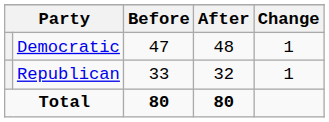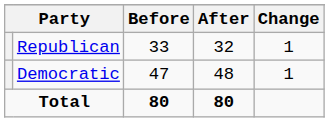 <table class="wikitable" style="text-align:center;">
 <tr>
 </tr>
 <tr>
 <th colspan=2>Party</th>
 <th>Before</th>
 <th>After</th>
 <th>Change</th>
 </tr>
 <tr>
 <th style="background-color:"></th>
-<td style="text-align:left;"><a href='#'>Democratic</a></td>
-<td>47</td>
-<td>48</td>
+<td style="text-align:left;"><a href='#'>Republican</a></td>
+<td>33</td>
+<td>32</td>
 <td> 1</td>
 </tr>
 <tr>
 <th style="background-color:"></th>
-<td style="text-align:left;"><a href='#'>Republican</a></td>
-<td>33</td>
-<td>32</td>
+<td style="text-align:left;"><a href='#'>Democratic</a></td>
+<td>47</td>
+<td>48</td>
 <td> 1</td>
 </tr>
 <tr>
 <td colspan=2><strong>Total</strong></td>
 <td><strong>80</strong></td>
 <td><strong>80</strong></td>
 </tr>
 </table>
